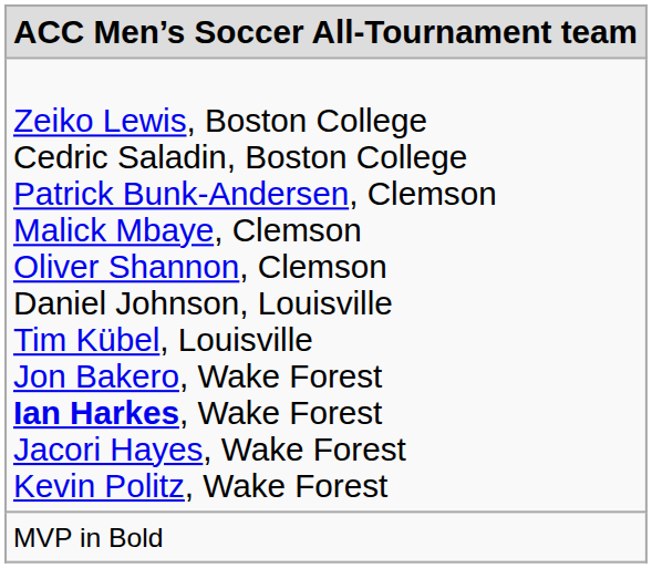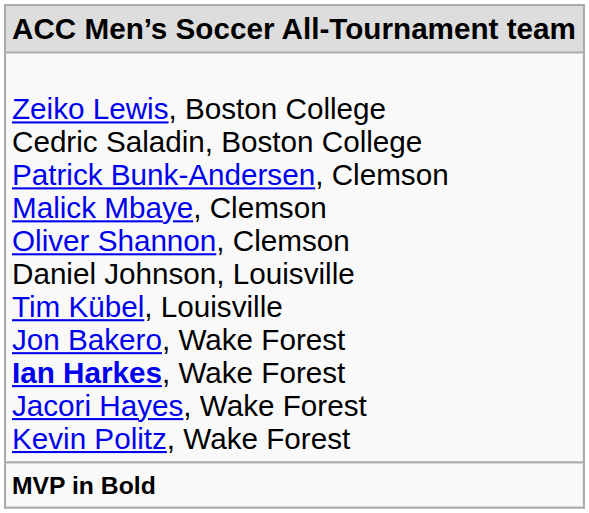 <table class="wikitable" style="white-space:nowrap; font-size:90%;">
 <tr>
 <td colspan="7" style="text-align:center; background:#ddd;"><strong>ACC Men’s Soccer All-Tournament team</strong></td>
 </tr>
 <tr>
 <td><br><a href='#'>Zeiko Lewis</a>, Boston College <br> Cedric Saladin, Boston College <br> <a href='#'>Patrick Bunk-Andersen</a>, Clemson <br> <a href='#'>Malick Mbaye</a>, Clemson <br> <a href='#'>Oliver Shannon</a>, Clemson <br> Daniel Johnson, Louisville <br> <a href='#'>Tim Kübel</a>, Louisville <br> <a href='#'>Jon Bakero</a>, Wake Forest <br> <strong><a href='#'>Ian Harkes</a></strong>, Wake Forest<br> <a href='#'>Jacori Hayes</a>, Wake Forest <br> <a href='#'>Kevin Politz</a>, Wake Forest <br></td>
 </tr>
 <tr>
-<td><small>MVP in Bold</small></td>
+<td><strong><small>MVP in Bold</small></strong></td>
 </tr>
 </table>
